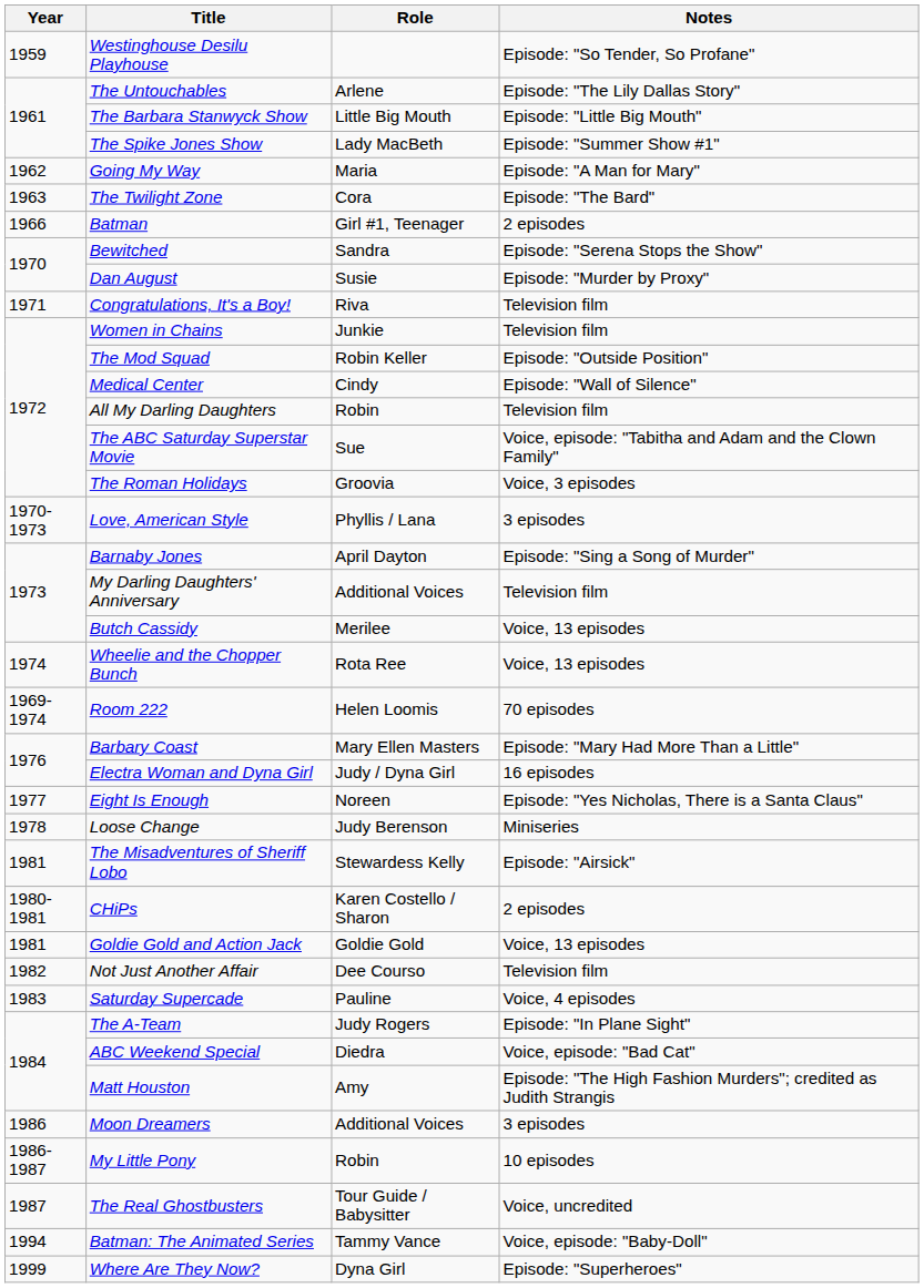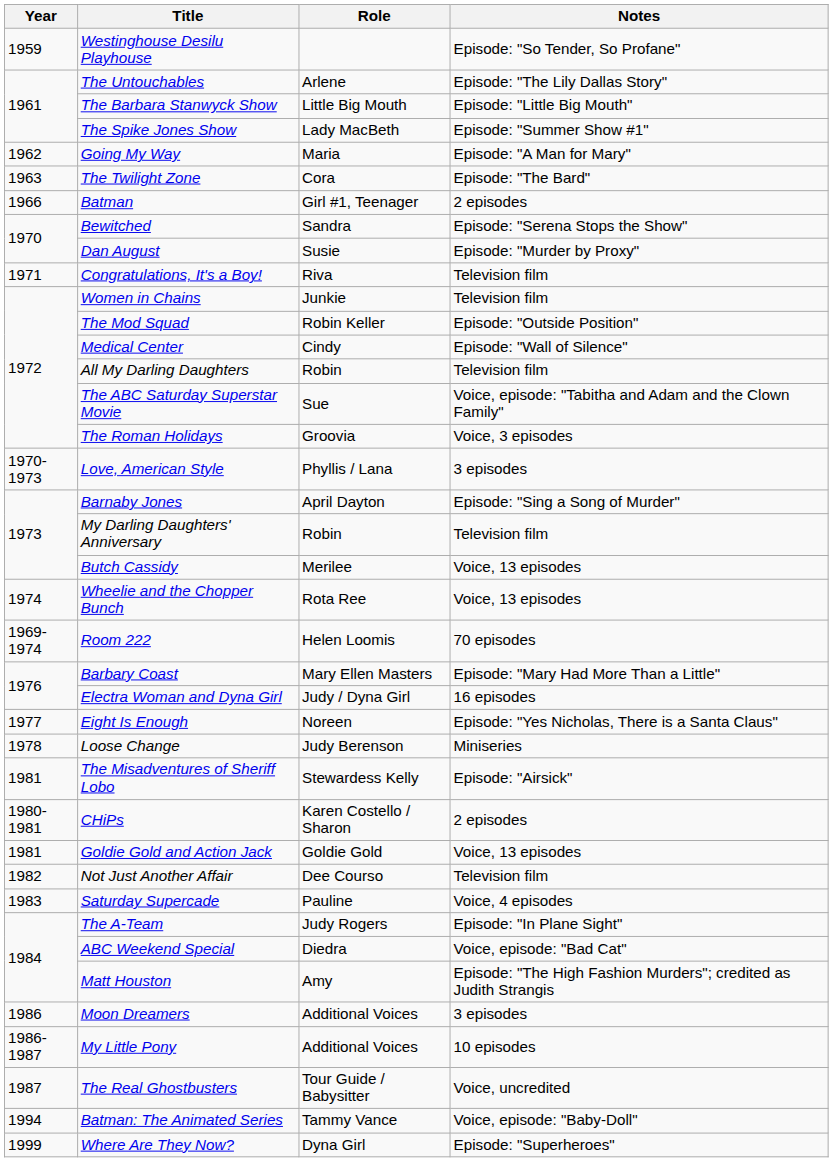 <table class="wikitable sortable">
 <tr>
 <th>Year</th>
 <th>Title</th>
 <th>Role</th>
 <th class="unsortable">Notes</th>
 </tr>
 <tr>
 <td>1959</td>
 <td><em><a href='#'>Westinghouse Desilu Playhouse</a></em></td>
 <td></td>
 <td>Episode: "So Tender, So Profane"</td>
 </tr>
 <tr>
 <td rowspan="3">1961</td>
 <td><em><a href='#'>The Untouchables</a></em></td>
 <td>Arlene</td>
 <td>Episode: "The Lily Dallas Story"</td>
 </tr>
 <tr>
 <td><em><a href='#'>The Barbara Stanwyck Show</a></em></td>
 <td>Little Big Mouth</td>
 <td>Episode: "Little Big Mouth"</td>
 </tr>
 <tr>
 <td><em><a href='#'>The Spike Jones Show</a></em></td>
 <td>Lady MacBeth</td>
 <td>Episode: "Summer Show #1"</td>
 </tr>
 <tr>
 <td>1962</td>
 <td><em><a href='#'>Going My Way</a></em></td>
 <td>Maria</td>
 <td>Episode: "A Man for Mary"</td>
 </tr>
 <tr>
 <td>1963</td>
 <td><em><a href='#'>The Twilight Zone</a></em></td>
 <td>Cora</td>
 <td>Episode: "The Bard"</td>
 </tr>
 <tr>
 <td>1966</td>
 <td><em><a href='#'>Batman</a></em></td>
 <td>Girl #1, Teenager</td>
 <td>2 episodes</td>
 </tr>
 <tr>
 <td rowspan="2">1970</td>
 <td><em><a href='#'>Bewitched</a></em></td>
 <td>Sandra</td>
 <td>Episode: "Serena Stops the Show"</td>
 </tr>
 <tr>
 <td><em><a href='#'>Dan August</a></em></td>
 <td>Susie</td>
 <td>Episode: "Murder by Proxy"</td>
 </tr>
 <tr>
 <td>1971</td>
 <td><em><a href='#'>Congratulations, It's a Boy!</a></em></td>
 <td>Riva</td>
 <td>Television film</td>
 </tr>
 <tr>
 <td rowspan="6">1972</td>
 <td><em><a href='#'>Women in Chains</a></em></td>
 <td>Junkie</td>
 <td>Television film</td>
 </tr>
 <tr>
 <td><em><a href='#'>The Mod Squad</a></em></td>
 <td>Robin Keller</td>
 <td>Episode: "Outside Position"</td>
 </tr>
 <tr>
 <td><em><a href='#'>Medical Center</a></em></td>
 <td>Cindy</td>
 <td>Episode: "Wall of Silence"</td>
 </tr>
 <tr>
 <td><em>All My Darling Daughters</em></td>
 <td>Robin</td>
 <td>Television film</td>
 </tr>
 <tr>
 <td><em><a href='#'>The ABC Saturday Superstar Movie</a></em></td>
 <td>Sue</td>
 <td>Voice, episode: "Tabitha and Adam and the Clown Family"</td>
 </tr>
 <tr>
 <td><em><a href='#'>The Roman Holidays</a></em></td>
 <td>Groovia</td>
 <td>Voice, 3 episodes</td>
 </tr>
 <tr>
 <td>1970-1973</td>
 <td><em><a href='#'>Love, American Style</a></em></td>
 <td>Phyllis / Lana</td>
 <td>3 episodes</td>
 </tr>
 <tr>
 <td rowspan="3">1973</td>
 <td><em><a href='#'>Barnaby Jones</a></em></td>
 <td>April Dayton</td>
 <td>Episode: "Sing a Song of Murder"</td>
 </tr>
 <tr>
 <td><em>My Darling Daughters' Anniversary</em></td>
-<td>Additional Voices</td>
+<td>Robin</td>
 <td>Television film</td>
 </tr>
 <tr>
 <td><em><a href='#'>Butch Cassidy</a></em></td>
 <td>Merilee</td>
 <td>Voice, 13 episodes</td>
 </tr>
 <tr>
 <td>1974</td>
 <td><em><a href='#'>Wheelie and the Chopper Bunch</a></em></td>
 <td>Rota Ree</td>
 <td>Voice, 13 episodes</td>
 </tr>
 <tr>
 <td>1969-1974</td>
 <td><em><a href='#'>Room 222</a></em></td>
 <td>Helen Loomis</td>
 <td>70 episodes</td>
 </tr>
 <tr>
 <td rowspan="2">1976</td>
 <td><em><a href='#'>Barbary Coast</a></em></td>
 <td>Mary Ellen Masters</td>
 <td>Episode: "Mary Had More Than a Little"</td>
 </tr>
 <tr>
 <td><em><a href='#'>Electra Woman and Dyna Girl</a></em></td>
 <td>Judy / Dyna Girl</td>
 <td>16 episodes</td>
 </tr>
 <tr>
 <td>1977</td>
 <td><em><a href='#'>Eight Is Enough</a></em></td>
 <td>Noreen</td>
 <td>Episode: "Yes Nicholas, There is a Santa Claus"</td>
 </tr>
 <tr>
 <td>1978</td>
 <td><em>Loose Change</em></td>
 <td>Judy Berenson</td>
 <td>Miniseries</td>
 </tr>
 <tr>
 <td>1981</td>
 <td><em><a href='#'>The Misadventures of Sheriff Lobo</a></em></td>
 <td>Stewardess Kelly</td>
 <td>Episode: "Airsick"</td>
 </tr>
 <tr>
 <td>1980-1981</td>
 <td><em><a href='#'>CHiPs</a></em></td>
 <td>Karen Costello / Sharon</td>
 <td>2 episodes</td>
 </tr>
 <tr>
 <td>1981</td>
 <td><em><a href='#'>Goldie Gold and Action Jack</a></em></td>
 <td>Goldie Gold</td>
 <td>Voice, 13 episodes</td>
 </tr>
 <tr>
 <td>1982</td>
 <td><em>Not Just Another Affair</em></td>
 <td>Dee Courso</td>
 <td>Television film</td>
 </tr>
 <tr>
 <td>1983</td>
 <td><em><a href='#'>Saturday Supercade</a></em></td>
 <td>Pauline</td>
 <td>Voice, 4 episodes</td>
 </tr>
 <tr>
 <td rowspan="3">1984</td>
 <td><em><a href='#'>The A-Team</a></em></td>
 <td>Judy Rogers</td>
 <td>Episode: "In Plane Sight"</td>
 </tr>
 <tr>
 <td><em><a href='#'>ABC Weekend Special</a></em></td>
 <td>Diedra</td>
 <td>Voice, episode: "Bad Cat"</td>
 </tr>
 <tr>
 <td><em><a href='#'>Matt Houston</a></em></td>
 <td>Amy</td>
 <td>Episode: "The High Fashion Murders"; credited as Judith Strangis</td>
 </tr>
 <tr>
 <td>1986</td>
 <td><em><a href='#'>Moon Dreamers</a></em></td>
 <td>Additional Voices</td>
 <td>3 episodes</td>
 </tr>
 <tr>
 <td>1986-1987</td>
 <td><em><a href='#'>My Little Pony</a></em></td>
-<td>Robin</td>
+<td>Additional Voices</td>
 <td>10 episodes</td>
 </tr>
 <tr>
 <td>1987</td>
 <td><em><a href='#'>The Real Ghostbusters</a></em></td>
 <td>Tour Guide / Babysitter</td>
 <td>Voice, uncredited</td>
 </tr>
 <tr>
 <td>1994</td>
 <td><em><a href='#'>Batman: The Animated Series</a></em></td>
 <td>Tammy Vance</td>
 <td>Voice, episode: "Baby-Doll"</td>
 </tr>
 <tr>
 <td>1999</td>
 <td><em><a href='#'>Where Are They Now?</a></em></td>
 <td>Dyna Girl</td>
 <td>Episode: "Superheroes"</td>
 </tr>
 </table>
